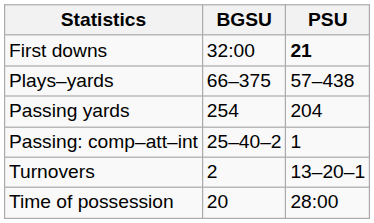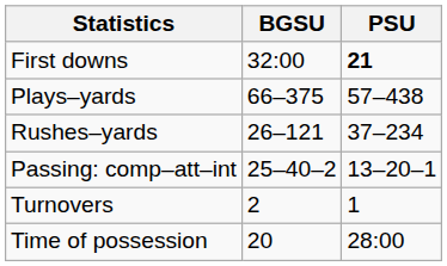 <table class="wikitable" style="float:left">
 <tr>
 <th>Statistics</th>
 <th>BGSU</th>
 <th>PSU</th>
 </tr>
 <tr>
 <td>First downs</td>
 <td>32:00</td>
 <td><strong>21</strong></td>
 </tr>
 <tr>
 <td>Plays–yards</td>
 <td>66–375</td>
 <td>57–438</td>
 </tr>
 <tr>
-<td>Passing yards</td>
-<td>254</td>
-<td>204</td>
+<td>Rushes–yards</td>
+<td>26–121</td>
+<td>37–234</td>
 </tr>
 <tr>
 <td>Passing: comp–att–int</td>
 <td>25–40–2</td>
-<td>1</td>
+<td>13–20–1</td>
 </tr>
 <tr>
 <td>Turnovers</td>
 <td>2</td>
-<td>13–20–1</td>
+<td>1</td>
 </tr>
 <tr>
 <td>Time of possession</td>
 <td>20</td>
 <td>28:00</td>
 </tr>
 </table>
